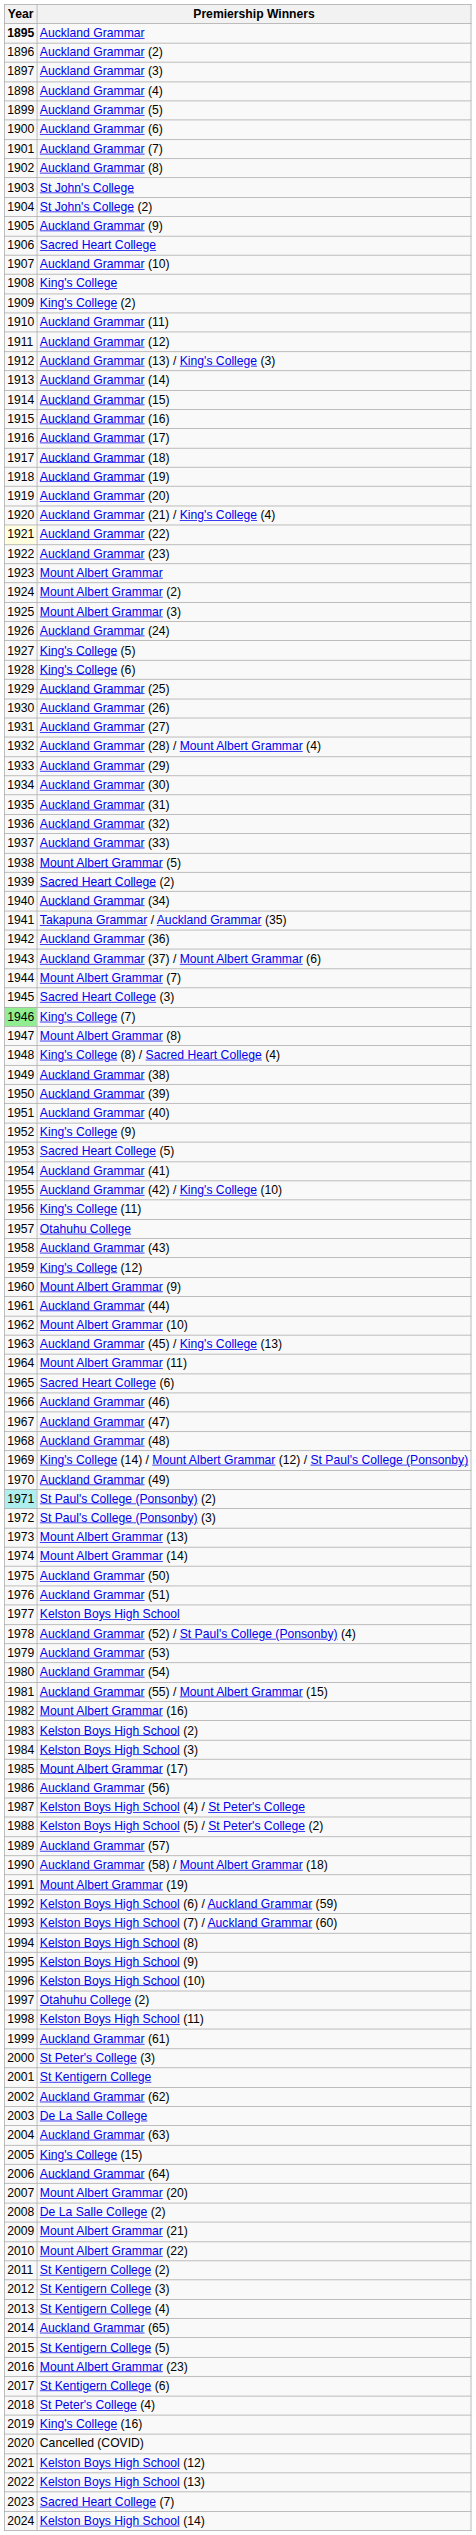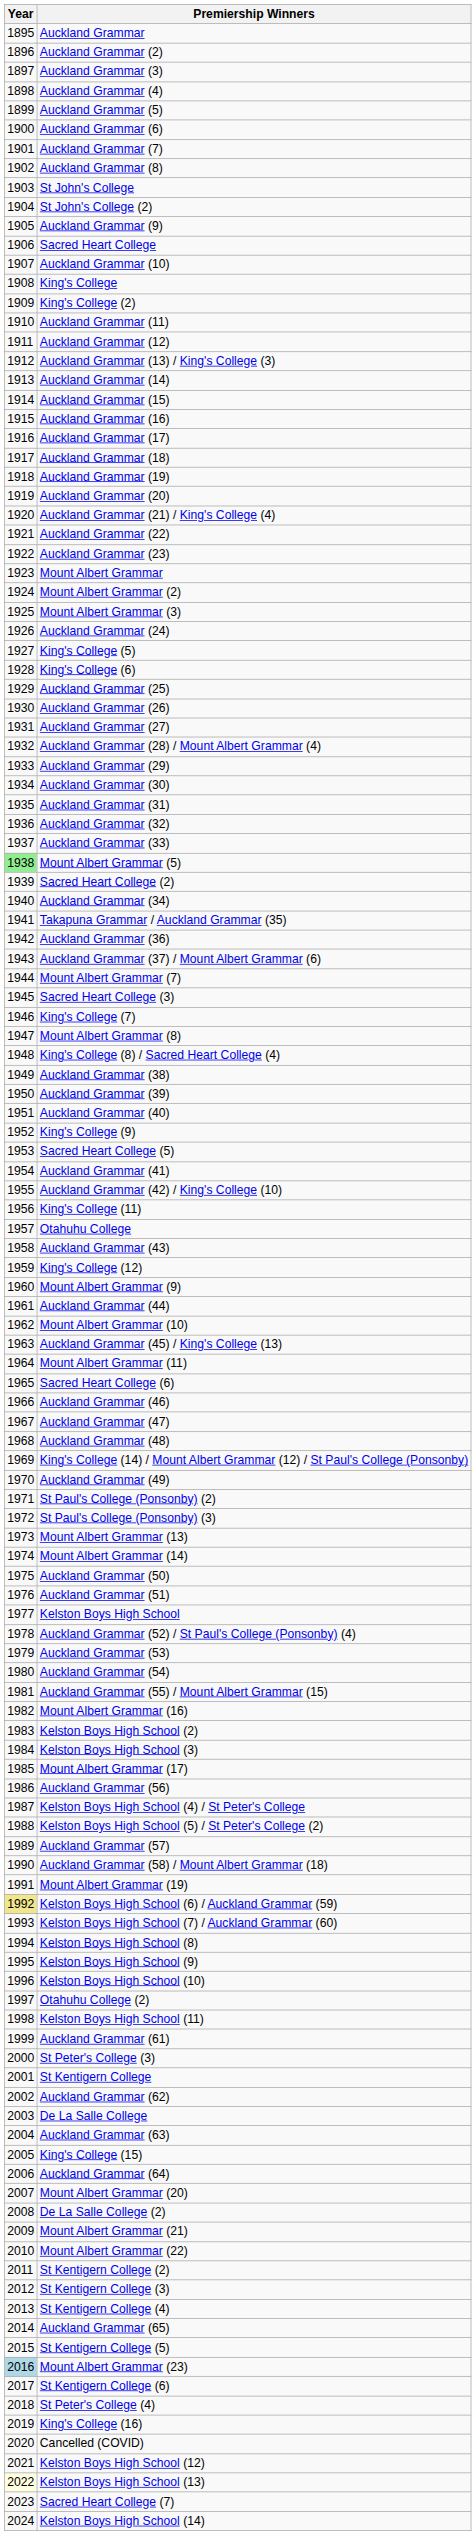 <table class="wikitable">
 <tr>
 <th>Year</th>
 <th>Premiership Winners</th>
 </tr>
 <tr>
-<td><strong>1895</strong></td>
+<td>1895</td>
 <td><a href='#'>Auckland Grammar</a></td>
 </tr>
 <tr>
 <td>1896</td>
 <td><a href='#'>Auckland Grammar</a> (2)</td>
 </tr>
 <tr>
 <td>1897</td>
 <td><a href='#'>Auckland Grammar</a> (3)</td>
 </tr>
 <tr>
 <td>1898</td>
 <td><a href='#'>Auckland Grammar</a> (4)</td>
 </tr>
 <tr>
 <td>1899</td>
 <td><a href='#'>Auckland Grammar</a> (5)</td>
 </tr>
 <tr>
 <td>1900</td>
 <td><a href='#'>Auckland Grammar</a> (6)</td>
 </tr>
 <tr>
 <td>1901</td>
 <td><a href='#'>Auckland Grammar</a> (7)</td>
 </tr>
 <tr>
 <td>1902</td>
 <td><a href='#'>Auckland Grammar</a> (8)</td>
 </tr>
 <tr>
 <td>1903</td>
 <td><a href='#'>St John's College</a></td>
 </tr>
 <tr>
 <td>1904</td>
 <td><a href='#'>St John's College</a> (2)</td>
 </tr>
 <tr>
 <td>1905</td>
 <td><a href='#'>Auckland Grammar</a> (9)</td>
 </tr>
 <tr>
 <td>1906</td>
 <td><a href='#'>Sacred Heart College</a></td>
 </tr>
 <tr>
 <td>1907</td>
 <td><a href='#'>Auckland Grammar</a> (10)</td>
 </tr>
 <tr>
 <td>1908</td>
 <td><a href='#'>King's College</a></td>
 </tr>
 <tr>
 <td>1909</td>
 <td><a href='#'>King's College</a> (2)</td>
 </tr>
 <tr>
 <td>1910</td>
 <td><a href='#'>Auckland Grammar</a> (11)</td>
 </tr>
 <tr>
 <td>1911</td>
 <td><a href='#'>Auckland Grammar</a> (12)</td>
 </tr>
 <tr>
 <td>1912</td>
 <td><a href='#'>Auckland Grammar</a> (13) / <a href='#'>King's College</a> (3)</td>
 </tr>
 <tr>
 <td>1913</td>
 <td><a href='#'>Auckland Grammar</a> (14)</td>
 </tr>
 <tr>
 <td>1914</td>
 <td><a href='#'>Auckland Grammar</a> (15)</td>
 </tr>
 <tr>
 <td>1915</td>
 <td><a href='#'>Auckland Grammar</a> (16)</td>
 </tr>
 <tr>
 <td>1916</td>
 <td><a href='#'>Auckland Grammar</a> (17)</td>
 </tr>
 <tr>
 <td>1917</td>
 <td><a href='#'>Auckland Grammar</a> (18)</td>
 </tr>
 <tr>
 <td>1918</td>
 <td><a href='#'>Auckland Grammar</a> (19)</td>
 </tr>
 <tr>
 <td>1919</td>
 <td><a href='#'>Auckland Grammar</a> (20)</td>
 </tr>
 <tr>
 <td>1920</td>
 <td><a href='#'>Auckland Grammar</a> (21) / <a href='#'>King's College</a> (4)</td>
 </tr>
 <tr>
-<td style="background: lightyellow;">1921</td>
+<td>1921</td>
 <td><a href='#'>Auckland Grammar</a> (22)</td>
 </tr>
 <tr>
 <td>1922</td>
 <td><a href='#'>Auckland Grammar</a> (23)</td>
 </tr>
 <tr>
 <td>1923</td>
 <td><a href='#'>Mount Albert Grammar</a></td>
 </tr>
 <tr>
 <td>1924</td>
 <td><a href='#'>Mount Albert Grammar</a> (2)</td>
 </tr>
 <tr>
 <td>1925</td>
 <td><a href='#'>Mount Albert Grammar</a> (3)</td>
 </tr>
 <tr>
 <td>1926</td>
 <td><a href='#'>Auckland Grammar</a> (24)</td>
 </tr>
 <tr>
 <td>1927</td>
 <td><a href='#'>King's College</a> (5)</td>
 </tr>
 <tr>
 <td>1928</td>
 <td><a href='#'>King's College</a> (6)</td>
 </tr>
 <tr>
 <td>1929</td>
 <td><a href='#'>Auckland Grammar</a> (25)</td>
 </tr>
 <tr>
 <td>1930</td>
 <td><a href='#'>Auckland Grammar</a> (26)</td>
 </tr>
 <tr>
 <td>1931</td>
 <td><a href='#'>Auckland Grammar</a> (27)</td>
 </tr>
 <tr>
 <td>1932</td>
 <td><a href='#'>Auckland Grammar</a> (28) / <a href='#'>Mount Albert Grammar</a> (4)</td>
 </tr>
 <tr>
 <td>1933</td>
 <td><a href='#'>Auckland Grammar</a> (29)</td>
 </tr>
 <tr>
 <td>1934</td>
 <td><a href='#'>Auckland Grammar</a> (30)</td>
 </tr>
 <tr>
 <td>1935</td>
 <td><a href='#'>Auckland Grammar</a> (31)</td>
 </tr>
 <tr>
 <td>1936</td>
 <td><a href='#'>Auckland Grammar</a> (32)</td>
 </tr>
 <tr>
 <td>1937</td>
 <td><a href='#'>Auckland Grammar</a> (33)</td>
 </tr>
 <tr>
-<td>1938</td>
+<td style="background: lightgreen;">1938</td>
 <td><a href='#'>Mount Albert Grammar</a> (5)</td>
 </tr>
 <tr>
 <td>1939</td>
 <td><a href='#'>Sacred Heart College</a> (2)</td>
 </tr>
 <tr>
 <td>1940</td>
 <td><a href='#'>Auckland Grammar</a> (34)</td>
 </tr>
 <tr>
 <td>1941</td>
 <td><a href='#'>Takapuna Grammar</a> / <a href='#'>Auckland Grammar</a> (35)</td>
 </tr>
 <tr>
 <td>1942</td>
 <td><a href='#'>Auckland Grammar</a> (36)</td>
 </tr>
 <tr>
 <td>1943</td>
 <td><a href='#'>Auckland Grammar</a> (37) / <a href='#'>Mount Albert Grammar</a> (6)</td>
 </tr>
 <tr>
 <td>1944</td>
 <td><a href='#'>Mount Albert Grammar</a> (7)</td>
 </tr>
 <tr>
 <td>1945</td>
 <td><a href='#'>Sacred Heart College</a> (3)</td>
 </tr>
 <tr>
-<td style="background: lightgreen;">1946</td>
+<td>1946</td>
 <td><a href='#'>King's College</a> (7)</td>
 </tr>
 <tr>
 <td>1947</td>
 <td><a href='#'>Mount Albert Grammar</a> (8)</td>
 </tr>
 <tr>
 <td>1948</td>
 <td><a href='#'>King's College</a> (8) / <a href='#'>Sacred Heart College</a> (4)</td>
 </tr>
 <tr>
 <td>1949</td>
 <td><a href='#'>Auckland Grammar</a> (38)</td>
 </tr>
 <tr>
 <td>1950</td>
 <td><a href='#'>Auckland Grammar</a> (39)</td>
 </tr>
 <tr>
 <td>1951</td>
 <td><a href='#'>Auckland Grammar</a> (40)</td>
 </tr>
 <tr>
 <td>1952</td>
 <td><a href='#'>King's College</a> (9)</td>
 </tr>
 <tr>
 <td>1953</td>
 <td><a href='#'>Sacred Heart College</a> (5)</td>
 </tr>
 <tr>
 <td>1954</td>
 <td><a href='#'>Auckland Grammar</a> (41)</td>
 </tr>
 <tr>
 <td>1955</td>
 <td><a href='#'>Auckland Grammar</a> (42) / <a href='#'>King's College</a> (10)</td>
 </tr>
 <tr>
 <td>1956</td>
 <td><a href='#'>King's College</a> (11)</td>
 </tr>
 <tr>
 <td>1957</td>
 <td><a href='#'>Otahuhu College</a></td>
 </tr>
 <tr>
 <td>1958</td>
 <td><a href='#'>Auckland Grammar</a> (43)</td>
 </tr>
 <tr>
 <td>1959</td>
 <td><a href='#'>King's College</a> (12)</td>
 </tr>
 <tr>
 <td>1960</td>
 <td><a href='#'>Mount Albert Grammar</a> (9)</td>
 </tr>
 <tr>
 <td>1961</td>
 <td><a href='#'>Auckland Grammar</a> (44)</td>
 </tr>
 <tr>
 <td>1962</td>
 <td><a href='#'>Mount Albert Grammar</a> (10)</td>
 </tr>
 <tr>
 <td>1963</td>
 <td><a href='#'>Auckland Grammar</a> (45) / <a href='#'>King's College</a> (13)</td>
 </tr>
 <tr>
 <td>1964</td>
 <td><a href='#'>Mount Albert Grammar</a> (11)</td>
 </tr>
 <tr>
 <td>1965</td>
 <td><a href='#'>Sacred Heart College</a> (6)</td>
 </tr>
 <tr>
 <td>1966</td>
 <td><a href='#'>Auckland Grammar</a> (46)</td>
 </tr>
 <tr>
 <td>1967</td>
 <td><a href='#'>Auckland Grammar</a> (47)</td>
 </tr>
 <tr>
 <td>1968</td>
 <td><a href='#'>Auckland Grammar</a> (48)</td>
 </tr>
 <tr>
 <td>1969</td>
 <td><a href='#'>King's College</a> (14) / <a href='#'>Mount Albert Grammar</a> (12) / <a href='#'>St Paul's College (Ponsonby)</a></td>
 </tr>
 <tr>
 <td>1970</td>
 <td><a href='#'>Auckland Grammar</a> (49)</td>
 </tr>
 <tr>
-<td style="background: paleturquoise;">1971</td>
+<td>1971</td>
 <td><a href='#'>St Paul's College (Ponsonby)</a> (2)</td>
 </tr>
 <tr>
 <td>1972</td>
 <td><a href='#'>St Paul's College (Ponsonby)</a> (3)</td>
 </tr>
 <tr>
 <td>1973</td>
 <td><a href='#'>Mount Albert Grammar</a> (13)</td>
 </tr>
 <tr>
 <td>1974</td>
 <td><a href='#'>Mount Albert Grammar</a> (14)</td>
 </tr>
 <tr>
 <td>1975</td>
 <td><a href='#'>Auckland Grammar</a> (50)</td>
 </tr>
 <tr>
 <td>1976</td>
 <td><a href='#'>Auckland Grammar</a> (51)</td>
 </tr>
 <tr>
 <td>1977</td>
 <td><a href='#'>Kelston Boys High School</a></td>
 </tr>
 <tr>
 <td>1978</td>
 <td><a href='#'>Auckland Grammar</a> (52) / <a href='#'>St Paul's College (Ponsonby)</a> (4)</td>
 </tr>
 <tr>
 <td>1979</td>
 <td><a href='#'>Auckland Grammar</a> (53)</td>
 </tr>
 <tr>
 <td>1980</td>
 <td><a href='#'>Auckland Grammar</a> (54)</td>
 </tr>
 <tr>
 <td>1981</td>
 <td><a href='#'>Auckland Grammar</a> (55) / <a href='#'>Mount Albert Grammar</a> (15)</td>
 </tr>
 <tr>
 <td>1982</td>
 <td><a href='#'>Mount Albert Grammar</a> (16)</td>
 </tr>
 <tr>
 <td>1983</td>
 <td><a href='#'>Kelston Boys High School</a> (2)</td>
 </tr>
 <tr>
 <td>1984</td>
 <td><a href='#'>Kelston Boys High School</a> (3)</td>
 </tr>
 <tr>
 <td>1985</td>
 <td><a href='#'>Mount Albert Grammar</a> (17)</td>
 </tr>
 <tr>
 <td>1986</td>
 <td><a href='#'>Auckland Grammar</a> (56)</td>
 </tr>
 <tr>
 <td>1987</td>
 <td><a href='#'>Kelston Boys High School</a> (4) / <a href='#'>St Peter's College</a></td>
 </tr>
 <tr>
 <td>1988</td>
 <td><a href='#'>Kelston Boys High School</a> (5) / <a href='#'>St Peter's College</a> (2)</td>
 </tr>
 <tr>
 <td>1989</td>
 <td><a href='#'>Auckland Grammar</a> (57)</td>
 </tr>
 <tr>
 <td>1990</td>
 <td><a href='#'>Auckland Grammar</a> (58) / <a href='#'>Mount Albert Grammar</a> (18)</td>
 </tr>
 <tr>
 <td>1991</td>
 <td><a href='#'>Mount Albert Grammar</a> (19)</td>
 </tr>
 <tr>
-<td>1992</td>
+<td style="background: khaki;">1992</td>
 <td><a href='#'>Kelston Boys High School</a> (6) / <a href='#'>Auckland Grammar</a> (59)</td>
 </tr>
 <tr>
 <td>1993</td>
 <td><a href='#'>Kelston Boys High School</a> (7) / <a href='#'>Auckland Grammar</a> (60)</td>
 </tr>
 <tr>
 <td>1994</td>
 <td><a href='#'>Kelston Boys High School</a> (8)</td>
 </tr>
 <tr>
 <td>1995</td>
 <td><a href='#'>Kelston Boys High School</a> (9)</td>
 </tr>
 <tr>
 <td>1996</td>
 <td><a href='#'>Kelston Boys High School</a> (10)</td>
 </tr>
 <tr>
 <td>1997</td>
 <td><a href='#'>Otahuhu College</a> (2)</td>
 </tr>
 <tr>
 <td>1998</td>
 <td><a href='#'>Kelston Boys High School</a> (11)</td>
 </tr>
 <tr>
 <td>1999</td>
 <td><a href='#'>Auckland Grammar</a> (61)</td>
 </tr>
 <tr>
 <td>2000</td>
 <td><a href='#'>St Peter's College</a> (3)</td>
 </tr>
 <tr>
 <td>2001</td>
 <td><a href='#'>St Kentigern College</a></td>
 </tr>
 <tr>
 <td>2002</td>
 <td><a href='#'>Auckland Grammar</a> (62)</td>
 </tr>
 <tr>
 <td>2003</td>
 <td><a href='#'>De La Salle College</a></td>
 </tr>
 <tr>
 <td>2004</td>
 <td><a href='#'>Auckland Grammar</a> (63)</td>
 </tr>
 <tr>
 <td>2005</td>
 <td><a href='#'>King's College</a> (15)</td>
 </tr>
 <tr>
 <td>2006</td>
 <td><a href='#'>Auckland Grammar</a> (64)</td>
 </tr>
 <tr>
 <td>2007</td>
 <td><a href='#'>Mount Albert Grammar</a> (20)</td>
 </tr>
 <tr>
 <td>2008</td>
 <td><a href='#'>De La Salle College</a> (2)</td>
 </tr>
 <tr>
 <td>2009</td>
 <td><a href='#'>Mount Albert Grammar</a> (21)</td>
 </tr>
 <tr>
 <td>2010</td>
 <td><a href='#'>Mount Albert Grammar</a> (22)</td>
 </tr>
 <tr>
 <td>2011</td>
 <td><a href='#'>St Kentigern College</a> (2)</td>
 </tr>
 <tr>
 <td>2012</td>
 <td><a href='#'>St Kentigern College</a> (3)</td>
 </tr>
 <tr>
 <td>2013</td>
 <td><a href='#'>St Kentigern College</a> (4)</td>
 </tr>
 <tr>
 <td>2014</td>
 <td><a href='#'>Auckland Grammar</a> (65)</td>
 </tr>
 <tr>
 <td>2015</td>
 <td><a href='#'>St Kentigern College</a> (5)</td>
 </tr>
 <tr>
-<td>2016</td>
+<td style="background: lightblue;">2016</td>
 <td><a href='#'>Mount Albert Grammar</a> (23)</td>
 </tr>
 <tr>
 <td>2017</td>
 <td><a href='#'>St Kentigern College</a> (6)</td>
 </tr>
 <tr>
 <td>2018</td>
 <td><a href='#'>St Peter's College</a> (4)</td>
 </tr>
 <tr>
 <td>2019</td>
 <td><a href='#'>King's College</a> (16)</td>
 </tr>
 <tr>
 <td>2020</td>
 <td>Cancelled (COVID)</td>
 </tr>
 <tr>
 <td>2021</td>
 <td><a href='#'>Kelston Boys High School</a> (12)</td>
 </tr>
 <tr>
-<td>2022</td>
+<td style="background: lightyellow;">2022</td>
 <td><a href='#'>Kelston Boys High School</a> (13)</td>
 </tr>
 <tr>
 <td>2023</td>
 <td><a href='#'>Sacred Heart College</a> (7)</td>
 </tr>
 <tr>
 <td>2024</td>
 <td><a href='#'>Kelston Boys High School</a> (14)</td>
 </tr>
 </table>
